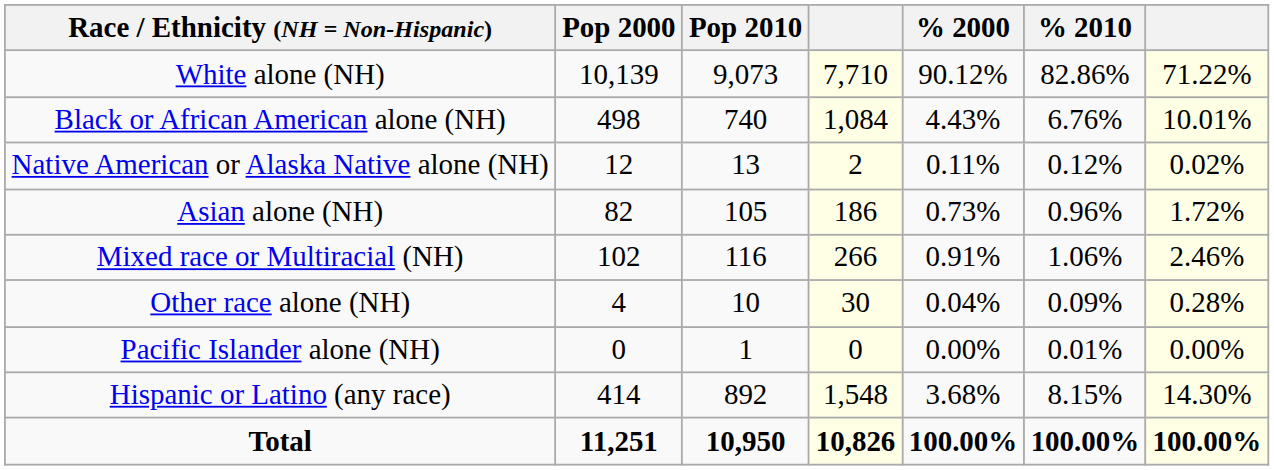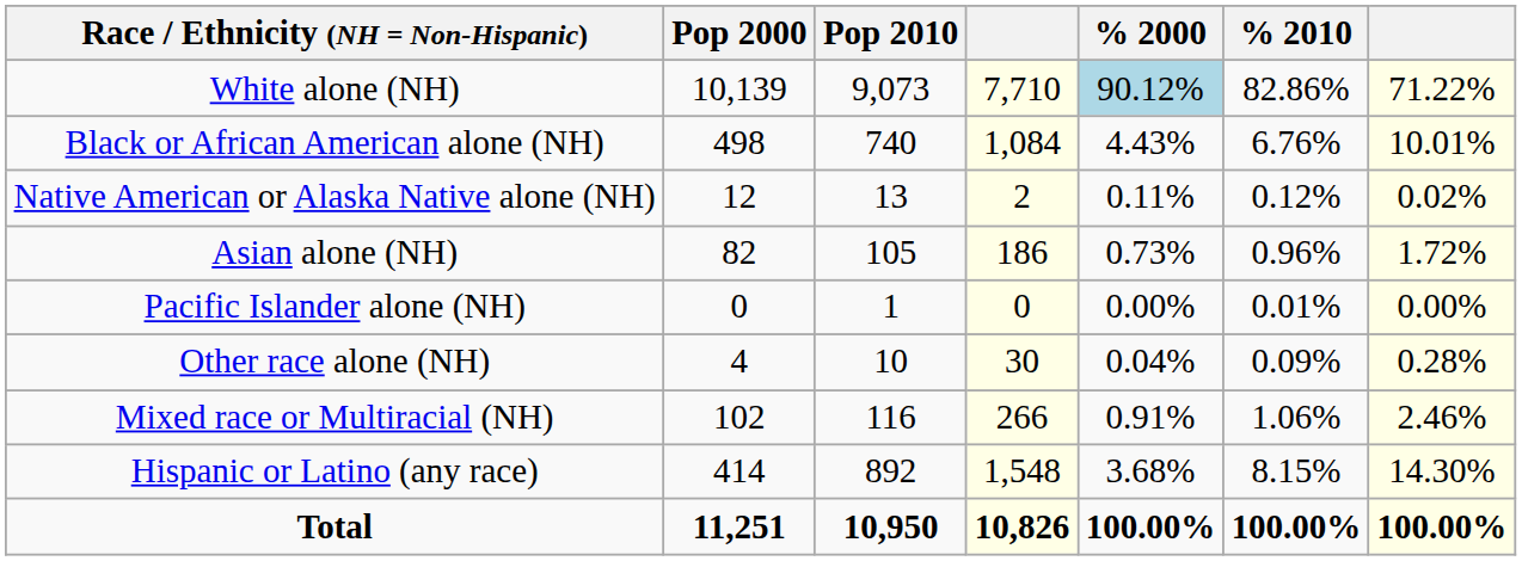 <table class="wikitable" style="text-align:center;">
 <tr>
 <th>Race / Ethnicity <small>(<em>NH = Non-Hispanic</em>)</small></th>
 <th>Pop 2000</th>
 <th>Pop 2010</th>
 <th></th>
 <th>% 2000</th>
 <th>% 2010</th>
 <th></th>
 </tr>
 <tr>
 <td><a href='#'>White</a> alone (NH)</td>
 <td>10,139</td>
 <td>9,073</td>
 <td style='background: #ffffe6;'>7,710</td>
-<td>90.12%</td>
+<td style="background: lightblue;">90.12%</td>
 <td>82.86%</td>
 <td style='background: #ffffe6;'>71.22%</td>
 </tr>
 <tr>
 <td><a href='#'>Black or African American</a> alone (NH)</td>
 <td>498</td>
 <td>740</td>
 <td style='background: #ffffe6;'>1,084</td>
 <td>4.43%</td>
 <td>6.76%</td>
 <td style='background: #ffffe6;'>10.01%</td>
 </tr>
 <tr>
 <td><a href='#'>Native American</a> or <a href='#'>Alaska Native</a> alone (NH)</td>
 <td>12</td>
 <td>13</td>
 <td style='background: #ffffe6;'>2</td>
 <td>0.11%</td>
 <td>0.12%</td>
 <td style='background: #ffffe6;'>0.02%</td>
 </tr>
 <tr>
 <td><a href='#'>Asian</a> alone (NH)</td>
 <td>82</td>
 <td>105</td>
 <td style='background: #ffffe6;'>186</td>
 <td>0.73%</td>
 <td>0.96%</td>
 <td style='background: #ffffe6;'>1.72%</td>
 </tr>
 <tr>
-<td><a href='#'>Mixed race or Multiracial</a> (NH)</td>
-<td>102</td>
-<td>116</td>
-<td style='background: #ffffe6;'>266</td>
-<td>0.91%</td>
-<td>1.06%</td>
-<td style='background: #ffffe6;'>2.46%</td>
+<td><a href='#'>Pacific Islander</a> alone (NH)</td>
+<td>0</td>
+<td>1</td>
+<td style='background: #ffffe6;'>0</td>
+<td>0.00%</td>
+<td>0.01%</td>
+<td style='background: #ffffe6;'>0.00%</td>
 </tr>
 <tr>
 <td><a href='#'>Other race</a> alone (NH)</td>
 <td>4</td>
 <td>10</td>
 <td style='background: #ffffe6;'>30</td>
 <td>0.04%</td>
 <td>0.09%</td>
 <td style='background: #ffffe6;'>0.28%</td>
 </tr>
 <tr>
-<td><a href='#'>Pacific Islander</a> alone (NH)</td>
-<td>0</td>
-<td>1</td>
-<td style='background: #ffffe6;'>0</td>
-<td>0.00%</td>
-<td>0.01%</td>
-<td style='background: #ffffe6;'>0.00%</td>
+<td><a href='#'>Mixed race or Multiracial</a> (NH)</td>
+<td>102</td>
+<td>116</td>
+<td style='background: #ffffe6;'>266</td>
+<td>0.91%</td>
+<td>1.06%</td>
+<td style='background: #ffffe6;'>2.46%</td>
 </tr>
 <tr>
 <td><a href='#'>Hispanic or Latino</a> (any race)</td>
 <td>414</td>
 <td>892</td>
 <td style='background: #ffffe6;'>1,548</td>
 <td>3.68%</td>
 <td>8.15%</td>
 <td style='background: #ffffe6;'>14.30%</td>
 </tr>
 <tr>
 <td><strong>Total</strong></td>
 <td><strong>11,251</strong></td>
 <td><strong>10,950</strong></td>
 <td style='background: #ffffe6;'><strong>10,826</strong></td>
 <td><strong>100.00%</strong></td>
 <td><strong>100.00%</strong></td>
 <td style='background: #ffffe6;'><strong>100.00%</strong></td>
 </tr>
 </table>
